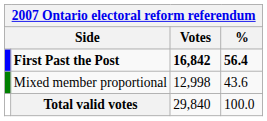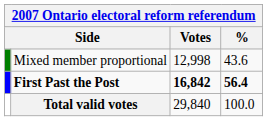 <table class="wikitable" style="font-size: 95%; clear:both">
 <tr style="background-color:#E9E9E9">
 <th colspan=4><a href='#'>2007 Ontario electoral reform referendum</a></th>
 </tr>
 <tr style="background-color:#E9E9E9">
 <th colspan=2 style="width: 130px">Side</th>
 <th style="width: 50px">Votes</th>
 <th style="width: 40px">%</th>
 </tr>
 <tr>
+<td bgcolor="green"></td>
+<td>Mixed member proportional</td>
+<td>12,998</td>
+<td>43.6</td>
+</tr>
+<tr>
 <td bgcolor="blue"></td>
 <td><strong>First Past the Post</strong></td>
 <td><strong>16,842</strong></td>
 <td><strong>56.4</strong></td>
-</tr>
-<tr>
-<td bgcolor="green"></td>
-<td>Mixed member proportional</td>
-<td>12,998</td>
-<td>43.6</td>
 </tr>
 <tr>
 <td bgcolor="white"></td>
 <th>Total valid votes</th>
 <td>29,840</td>
 <td>100.0</td>
 </tr>
 </table>
